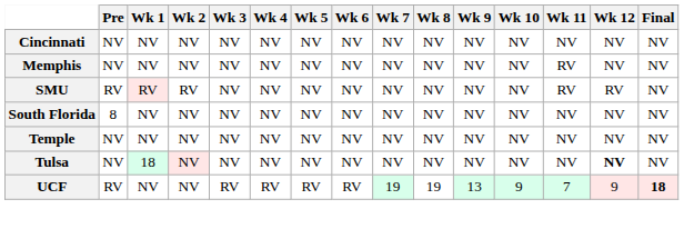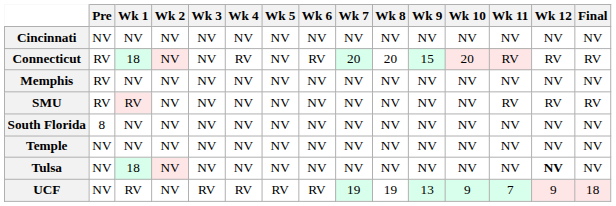 <table class="wikitable" style="white-space:nowrap;font-size:90%;">
 <tr>
 <th colspan=1 style="background:white; border-top-style:hidden; border-left-style:hidden;"> </th>
 <th>Pre <br></th>
 <th>Wk 1 <br></th>
 <th>Wk 2 <br></th>
 <th>Wk 3 <br></th>
 <th>Wk 4 <br></th>
 <th>Wk 5 <br></th>
 <th>Wk 6 <br></th>
 <th>Wk 7 <br></th>
 <th>Wk 8 <br></th>
 <th>Wk 9 <br></th>
 <th>Wk 10 <br></th>
 <th>Wk 11 <br></th>
 <th>Wk 12 <br></th>
 <th>Final</th>
 </tr>
 <tr style="text-align:center;">
 <th>Cincinnati</th>
 <td style="background:#FFF;">NV</td>
 <td style="background:#FFF;">NV</td>
 <td style="background:#FFF;">NV</td>
 <td style="background:#FFF;">NV</td>
 <td style="background:#FFF;">NV</td>
 <td style="background:#FFF;">NV</td>
 <td style="background:#FFF;">NV</td>
 <td style="background:#FFF;">NV</td>
 <td style="background:#FFF;">NV</td>
 <td style="background:#FFF;">NV</td>
 <td style="background:#FFF;">NV</td>
 <td style="background:#FFF;">NV</td>
 <td style="background:#FFF;">NV</td>
 <td style="background:#FFF;">NV</td>
 </tr>
 <tr style="text-align:center;">
+<th>Connecticut</th>
+<td style="background:#FFF;">RV</td>
+<td style="background:#d8ffeb;">18</td>
+<td style="background:#ffe6e6;">NV</td>
+<td style="background:#FFF;">NV</td>
+<td style="background:#FFF;">RV</td>
+<td style="background:#FFF;">NV</td>
+<td style="background:#FFF;">RV</td>
+<td style="background:#d8ffeb;">20</td>
+<td style="background:#FFF;">20</td>
+<td style="background:#d8ffeb;">15</td>
+<td style="background:#ffe6e6;">20</td>
+<td style="background:#ffe6e6;">RV</td>
+<td style="background:#FFF;">RV</td>
+<td style="background:#FFF;">RV</td>
+</tr>
+<tr style="text-align:center;">
 <th>Memphis</th>
+<td style="background:#FFF;">RV</td>
 <td style="background:#FFF;">NV</td>
 <td style="background:#FFF;">NV</td>
 <td style="background:#FFF;">NV</td>
 <td style="background:#FFF;">NV</td>
 <td style="background:#FFF;">NV</td>
 <td style="background:#FFF;">NV</td>
 <td style="background:#FFF;">NV</td>
 <td style="background:#FFF;">NV</td>
 <td style="background:#FFF;">NV</td>
 <td style="background:#FFF;">NV</td>
 <td style="background:#FFF;">NV</td>
-<td style="background:#FFF;">RV</td>
 <td style="background:#FFF;">NV</td>
 <td style="background:#FFF;">NV</td>
 </tr>
 <tr style="text-align:center;">
 <th>SMU</th>
 <td style="background:#FFF;">RV</td>
 <td style="background:#ffe6e6;">RV</td>
-<td style="background:#FFF;">RV</td>
+<td style="background:#FFF;">NV</td>
 <td style="background:#FFF;">NV</td>
 <td style="background:#FFF;">NV</td>
 <td style="background:#FFF;">NV</td>
 <td style="background:#FFF;">NV</td>
 <td style="background:#FFF;">NV</td>
 <td style="background:#FFF;">NV</td>
 <td style="background:#FFF;">NV</td>
 <td style="background:#FFF;">NV</td>
 <td style="background:#FFF;">RV</td>
 <td style="background:#FFF;">RV</td>
-<td style="background:#FFF;">NV</td>
+<td style="background:#FFF;">RV</td>
 </tr>
 <tr style="text-align:center;">
 <th>South Florida</th>
 <td style="background:#FFF;">8</td>
 <td style="background:#FFF;">NV</td>
 <td style="background:#FFF;">NV</td>
 <td style="background:#FFF;">NV</td>
 <td style="background:#FFF;">NV</td>
 <td style="background:#FFF;">NV</td>
 <td style="background:#FFF;">NV</td>
 <td style="background:#FFF;">NV</td>
 <td style="background:#FFF;">NV</td>
 <td style="background:#FFF;">NV</td>
 <td style="background:#FFF;">NV</td>
 <td style="background:#FFF;">NV</td>
 <td style="background:#FFF;">NV</td>
 <td style="background:#FFF;">NV</td>
 </tr>
 <tr style="text-align:center;">
 <th>Temple</th>
 <td style="background:#FFF;">NV</td>
 <td style="background:#FFF;">NV</td>
 <td style="background:#FFF;">NV</td>
 <td style="background:#FFF;">NV</td>
 <td style="background:#FFF;">NV</td>
 <td style="background:#FFF;">NV</td>
 <td style="background:#FFF;">NV</td>
 <td style="background:#FFF;">NV</td>
 <td style="background:#FFF;">NV</td>
 <td style="background:#FFF;">NV</td>
 <td style="background:#FFF;">NV</td>
 <td style="background:#FFF;">NV</td>
 <td style="background:#FFF;">NV</td>
 <td style="background:#FFF;">NV</td>
 </tr>
 <tr style="text-align:center;">
 <th>Tulsa</th>
 <td style="background:#FFF;">NV</td>
 <td style="background:#d8ffeb;">18</td>
 <td style="background:#ffe6e6;">NV</td>
 <td style="background:#FFF;">NV</td>
 <td style="background:#FFF;">NV</td>
 <td style="background:#FFF;">NV</td>
 <td style="background:#FFF;">NV</td>
 <td style="background:#FFF;">NV</td>
 <td style="background:#FFF;">NV</td>
 <td style="background:#FFF;">NV</td>
 <td style="background:#FFF;">NV</td>
 <td style="background:#FFF;">NV</td>
 <td style="background:#FFF;"><strong>NV</strong></td>
 <td style="background:#FFF;">NV</td>
 </tr>
 <tr style="text-align:center;">
 <th>UCF</th>
+<td style="background:#FFF;">NV</td>
 <td style="background:#FFF;">RV</td>
-<td style="background:#FFF;">NV</td>
 <td style="background:#FFF;">NV</td>
 <td style="background:#FFF;">RV</td>
 <td style="background:#FFF;">RV</td>
 <td style="background:#FFF;">RV</td>
 <td style="background:#FFF;">RV</td>
 <td style="background:#d8ffeb;">19</td>
 <td style="background:#FFF;">19</td>
 <td style="background:#d8ffeb;">13</td>
 <td style="background:#d8ffeb;">9</td>
 <td style="background:#d8ffeb;">7</td>
 <td style="background:#ffe6e6;">9</td>
-<td style="background:#ffe6e6;"><strong>18</strong></td>
+<td style="background:#ffe6e6;">18</td>
 </tr>
 </table>
